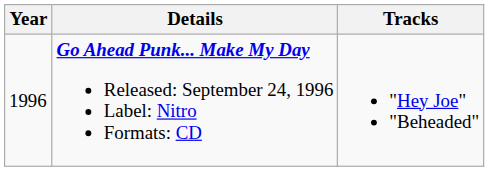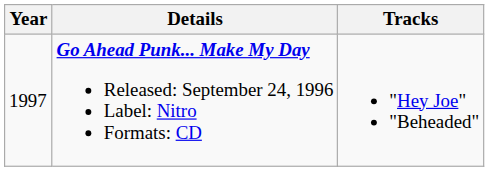 <table class="wikitable">
 <tr>
 <th width=33>Year</th>
 <th>Details</th>
 <th>Tracks</th>
 </tr>
 <tr>
-<td>1996</td>
+<td>1997</td>
 <td><strong><em><a href='#'>Go Ahead Punk... Make My Day</a></em></strong><br><ul><li>Released: September 24, 1996</li><li>Label: <a href='#'>Nitro</a></li><li>Formats: <a href='#'>CD</a></li></ul></td>
 <td><br><ul><li>"<a href='#'>Hey Joe</a>" </li><li>"Beheaded"</li></ul></td>
 </tr>
 </table>
